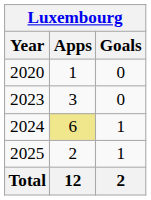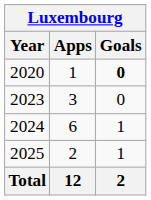 <table class="wikitable" style="text-align:center">
 <tr>
 <th colspan=3><a href='#'>Luxembourg</a></th>
 </tr>
 <tr>
 <th>Year</th>
 <th>Apps</th>
 <th>Goals</th>
 </tr>
 <tr>
 <td>2020</td>
 <td>1</td>
-<td>0</td>
+<td><strong>0</strong></td>
 </tr>
 <tr>
 <td>2023</td>
 <td>3</td>
 <td>0</td>
 </tr>
 <tr>
 <td>2024</td>
-<td style="background: khaki;">6</td>
+<td>6</td>
 <td>1</td>
 </tr>
 <tr>
 <td>2025</td>
 <td>2</td>
 <td>1</td>
 </tr>
 <tr>
 <th>Total</th>
 <th>12</th>
 <th>2</th>
 </tr>
 </table>
